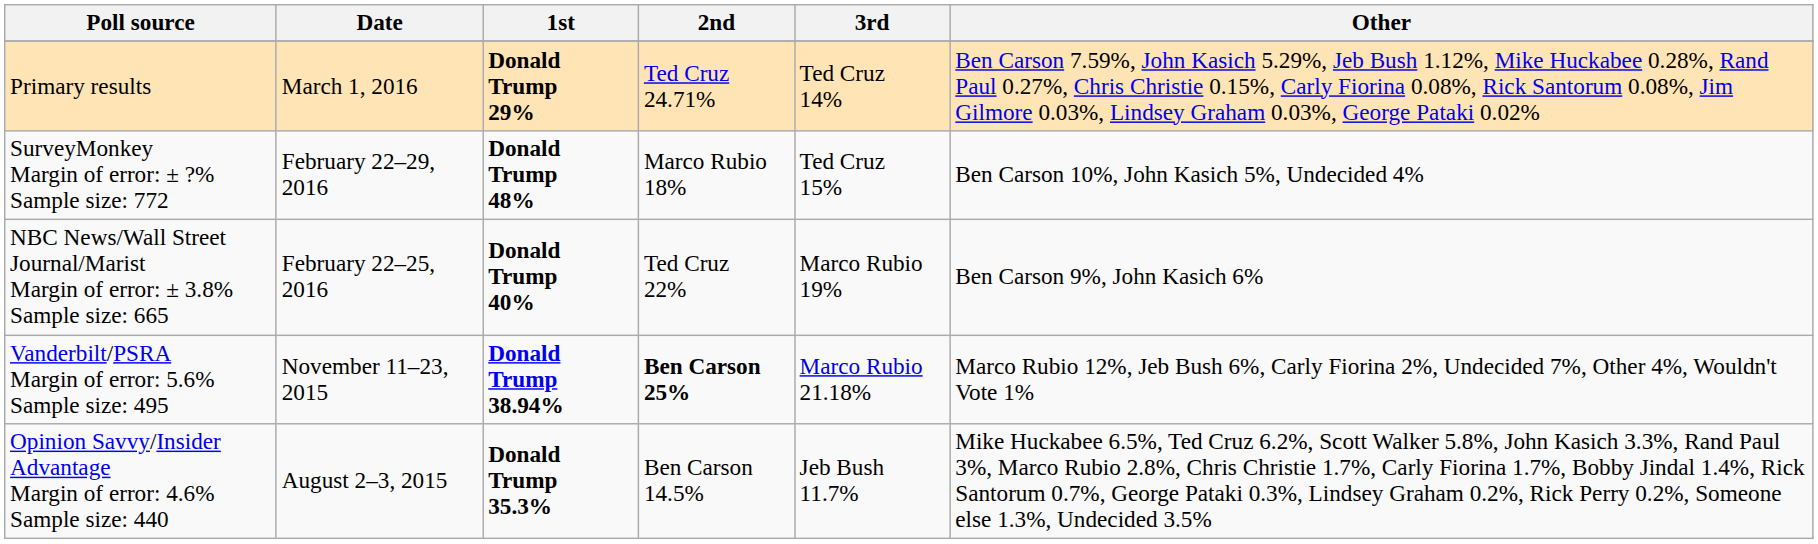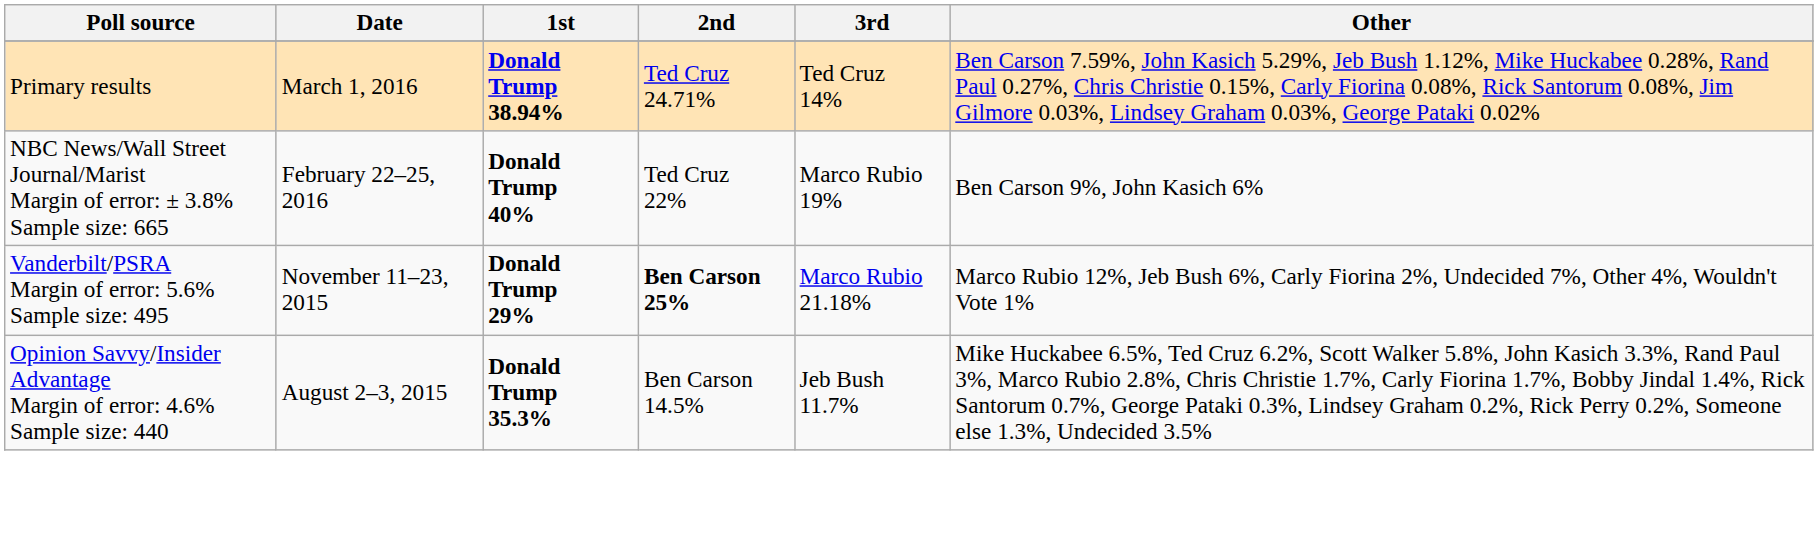 <table class="wikitable">
 <tr>
 <th style="width:180px;">Poll source</th>
 <th style="width:135px;">Date</th>
 <th style="width:100px;">1st</th>
 <th style="width:100px;">2nd</th>
 <th style="width:100px;">3rd</th>
 <th>Other</th>
 </tr>
 <tr>
 </tr>
 <tr style="background:Moccasin;">
 <td>Primary results</td>
 <td>March 1, 2016</td>
-<td><strong>Donald Trump<br>29%</strong></td>
+<td><strong><a href='#'>Donald Trump</a><br>38.94%</strong></td>
 <td><a href='#'>Ted Cruz</a><br>24.71%</td>
 <td>Ted Cruz<br>14%</td>
 <td><a href='#'>Ben Carson</a> 7.59%, <a href='#'>John Kasich</a> 5.29%, <a href='#'>Jeb Bush</a> 1.12%, <a href='#'>Mike Huckabee</a> 0.28%, <a href='#'>Rand Paul</a> 0.27%, <a href='#'>Chris Christie</a> 0.15%, <a href='#'>Carly Fiorina</a> 0.08%, <a href='#'>Rick Santorum</a> 0.08%, <a href='#'>Jim Gilmore</a> 0.03%, <a href='#'>Lindsey Graham</a> 0.03%, <a href='#'>George Pataki</a> 0.02%</td>
-</tr>
-<tr>
-<td>SurveyMonkey<br>Margin of error: ± ?% Sample size: 772</td>
-<td>February 22–29, 2016</td>
-<td><strong>Donald Trump<br>48%</strong></td>
-<td>Marco Rubio<br>18%</td>
-<td>Ted Cruz<br>15%</td>
-<td>Ben Carson 10%, John Kasich 5%, Undecided 4%</td>
 </tr>
 <tr>
 <td>NBC News/Wall Street<br>Journal/Marist<br>Margin of error: ± 3.8% <br>Sample size: 665</td>
 <td>February 22–25, 2016</td>
 <td><strong>Donald Trump<br>40%</strong></td>
 <td>Ted Cruz<br>22%</td>
 <td>Marco Rubio<br>19%</td>
 <td>Ben Carson 9%, John Kasich 6%</td>
 </tr>
 <tr>
 <td><a href='#'>Vanderbilt</a>/<a href='#'>PSRA</a><br>Margin of error: 5.6% <br>Sample size: 495</td>
 <td>November 11–23, 2015</td>
-<td><strong><a href='#'>Donald Trump</a><br>38.94%</strong></td>
+<td><strong>Donald Trump<br>29%</strong></td>
 <td><strong>Ben Carson<br>25%</strong></td>
 <td><a href='#'>Marco Rubio</a><br>21.18%</td>
 <td>Marco Rubio 12%, Jeb Bush 6%, Carly Fiorina 2%, Undecided 7%, Other 4%, Wouldn't Vote 1%</td>
 </tr>
 <tr>
 <td><a href='#'>Opinion Savvy</a>/<a href='#'>Insider Advantage</a><br>Margin of error: 4.6% <br>Sample size: 440</td>
 <td>August 2–3, 2015</td>
 <td><strong>Donald Trump<br>35.3%</strong></td>
 <td>Ben Carson<br>14.5%</td>
 <td>Jeb Bush<br>11.7%</td>
 <td>Mike Huckabee 6.5%, Ted Cruz 6.2%, Scott Walker 5.8%, John Kasich 3.3%, Rand Paul 3%, Marco Rubio 2.8%, Chris Christie 1.7%, Carly Fiorina 1.7%, Bobby Jindal 1.4%, Rick Santorum 0.7%, George Pataki 0.3%, Lindsey Graham 0.2%, Rick Perry 0.2%, Someone else 1.3%, Undecided 3.5%</td>
 </tr>
 </table>
